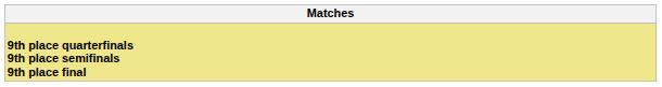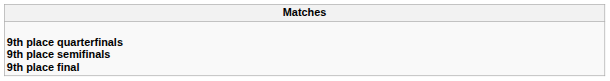 <table class="wikitable collapsible collapsed" style="width:100%;">
 <tr>
 <th>Matches</th>
 </tr>
 <tr>
-<td style="background: khaki;"><br><strong>9th place quarterfinals</strong>    <br><strong>9th place semifinals</strong>  <br><strong>9th place final</strong> </td>
+<td><br><strong>9th place quarterfinals</strong>    <br><strong>9th place semifinals</strong>  <br><strong>9th place final</strong> </td>
 </tr>
 </table>
